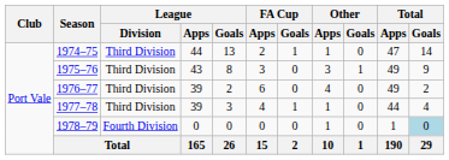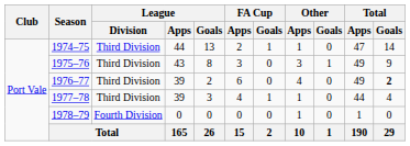 <table class="wikitable" style="text-align: center;">
 <tr>
 <th rowspan="2">Club</th>
 <th rowspan="2">Season</th>
 <th colspan="3">League</th>
 <th colspan="2">FA Cup</th>
 <th colspan="2">Other</th>
 <th colspan="2">Total</th>
 </tr>
 <tr>
 <th>Division</th>
 <th>Apps</th>
 <th>Goals</th>
 <th>Apps</th>
 <th>Goals</th>
 <th>Apps</th>
 <th>Goals</th>
 <th>Apps</th>
 <th>Goals</th>
 </tr>
 <tr>
 <td rowspan="6"><a href='#'>Port Vale</a></td>
 <td><a href='#'>1974–75</a></td>
 <td><a href='#'>Third Division</a></td>
 <td>44</td>
 <td>13</td>
 <td>2</td>
 <td>1</td>
 <td>1</td>
 <td>0</td>
 <td>47</td>
 <td>14</td>
 </tr>
 <tr>
 <td><a href='#'>1975–76</a></td>
 <td>Third Division</td>
 <td>43</td>
 <td>8</td>
 <td>3</td>
 <td>0</td>
 <td>3</td>
 <td>1</td>
 <td>49</td>
 <td>9</td>
 </tr>
 <tr>
 <td><a href='#'>1976–77</a></td>
 <td>Third Division</td>
 <td>39</td>
 <td>2</td>
 <td>6</td>
 <td>0</td>
 <td>4</td>
 <td>0</td>
 <td>49</td>
-<td>2</td>
+<td><strong>2</strong></td>
 </tr>
 <tr>
 <td><a href='#'>1977–78</a></td>
 <td>Third Division</td>
 <td>39</td>
 <td>3</td>
 <td>4</td>
 <td>1</td>
 <td>1</td>
 <td>0</td>
 <td>44</td>
 <td>4</td>
 </tr>
 <tr>
 <td><a href='#'>1978–79</a></td>
 <td><a href='#'>Fourth Division</a></td>
 <td>0</td>
 <td>0</td>
 <td>0</td>
 <td>0</td>
 <td>1</td>
 <td>0</td>
 <td>1</td>
-<td style="background: lightblue;">0</td>
+<td>0</td>
 </tr>
 <tr>
 <th colspan="2">Total</th>
 <th>165</th>
 <th>26</th>
 <th>15</th>
 <th>2</th>
 <th>10</th>
 <th>1</th>
 <th>190</th>
 <th>29</th>
 </tr>
 </table>
